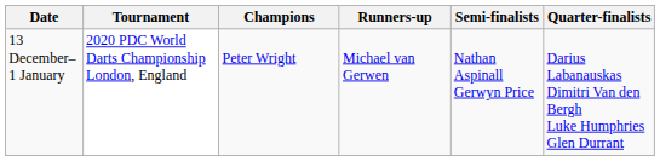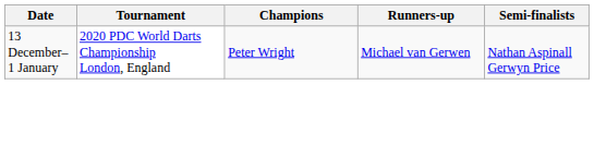 <table class=wikitable style=font-size:85%>
 <tr>
 <th width=75>Date</th>
 <th width=230>Tournament</th>
 <th width=210>Champions</th>
 <th width=210>Runners-up</th>
 <th width=170>Semi-finalists</th>
-<th width=170>Quarter-finalists</th>
 </tr>
 <tr valign="top">
 <td>13 December–1 January</td>
 <td bgcolor="#ffffff"><a href='#'>2020 PDC World Darts Championship</a><br><a href='#'>London</a>, England</td>
 <td><br> <a href='#'>Peter Wright</a></td>
 <td><br> <a href='#'>Michael van Gerwen</a></td>
 <td><br> <a href='#'>Nathan Aspinall</a> <br>  <a href='#'>Gerwyn Price</a></td>
-<td><br> <a href='#'>Darius Labanauskas</a> <br>  <a href='#'>Dimitri Van den Bergh</a> <br>  <a href='#'>Luke Humphries</a> <br>  <a href='#'>Glen Durrant</a></td>
 </tr>
 </table>
